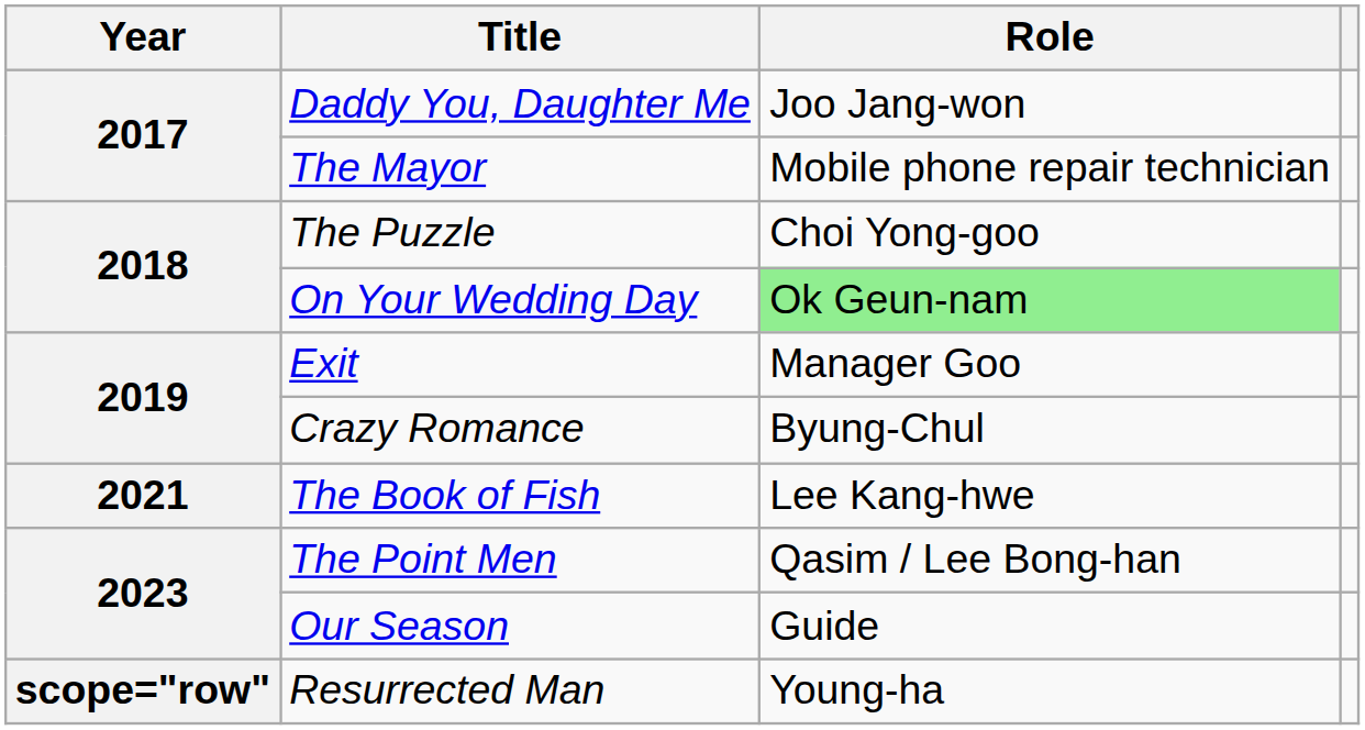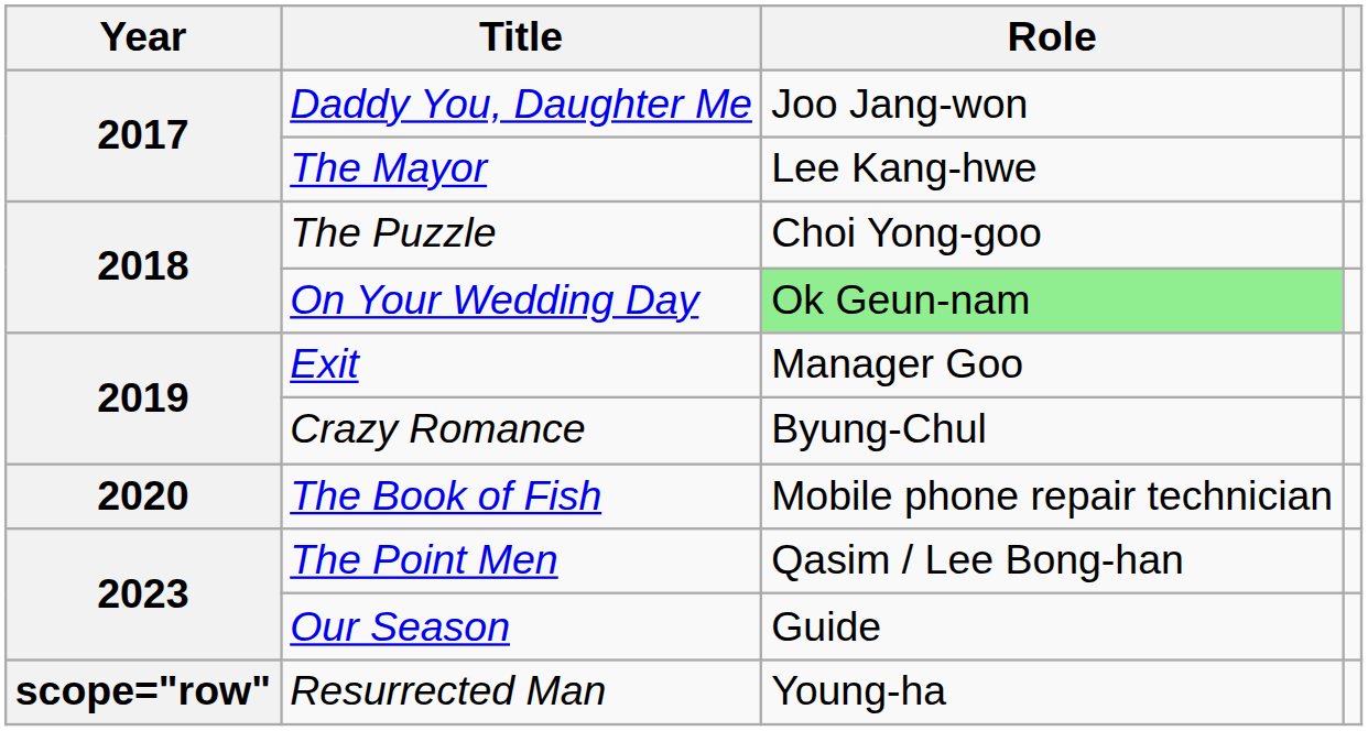 <table class="wikitable plainrowheaders sortable">
 <tr>
 <th scope="col">Year</th>
 <th scope="col">Title</th>
 <th scope="col">Role</th>
 <th scope="col" class="unsortable"></th>
 </tr>
 <tr>
 <th scope="row" rowspan="2">2017</th>
 <td><em><a href='#'>Daddy You, Daughter Me</a></em></td>
 <td>Joo Jang-won</td>
 <td style="text-align:center"></td>
 </tr>
 <tr>
 <td><em><a href='#'>The Mayor</a></em></td>
-<td>Mobile phone repair technician</td>
+<td>Lee Kang-hwe</td>
 <td style="text-align:center"></td>
 </tr>
 <tr>
 <th scope="row" rowspan="2">2018</th>
 <td><em>The Puzzle</em></td>
 <td>Choi Yong-goo</td>
 <td style="text-align:center"></td>
 </tr>
 <tr>
 <td><em><a href='#'>On Your Wedding Day</a></em></td>
 <td style="background: lightgreen;">Ok Geun-nam</td>
 <td style="text-align:center"></td>
 </tr>
 <tr>
 <th scope="row" rowspan="2">2019</th>
 <td><em><a href='#'>Exit</a></em></td>
 <td>Manager Goo</td>
 <td style="text-align:center"></td>
 </tr>
 <tr>
 <td><em>Crazy Romance</em></td>
 <td>Byung-Chul</td>
 <td style="text-align:center"></td>
 </tr>
 <tr>
-<th scope="row">2021</th>
+<th scope="row">2020</th>
 <td><em><a href='#'>The Book of Fish</a></em></td>
-<td>Lee Kang-hwe</td>
+<td>Mobile phone repair technician</td>
 <td style="text-align:center"></td>
 </tr>
 <tr>
 <th scope="row" rowspan="2">2023</th>
 <td><em><a href='#'>The Point Men</a></em></td>
 <td>Qasim / Lee Bong-han</td>
 <td style="text-align:center"></td>
 </tr>
 <tr>
 <td><em><a href='#'>Our Season</a></em></td>
 <td>Guide</td>
 <td style="text-align:center"></td>
 </tr>
 <tr>
 <th>scope="row" </th>
 <td><em>Resurrected Man</em></td>
 <td>Young-ha</td>
 <td style="text-align:center"></td>
 </tr>
 </table>
